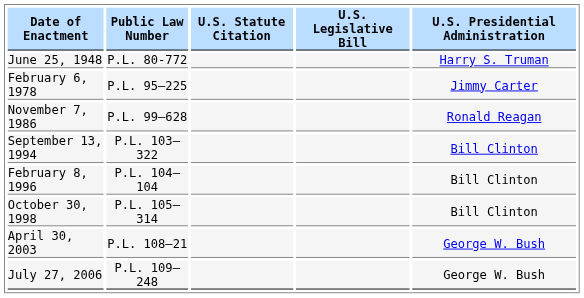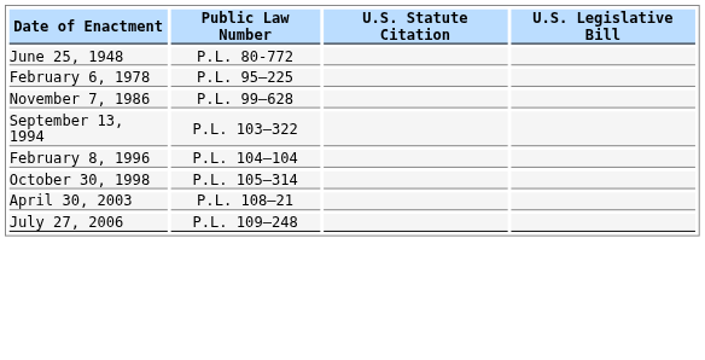 <table style="border:1px solid gray; align:left; width:70%" cellspacing=3 cellpadding=0>
 <tr style="font-weight:bold; text-align:center; background:#bbddff; color:black;">
 <th style=" border-bottom:1.5px solid black">Date of Enactment</th>
 <th style=" border-bottom:1.5px solid black">Public Law Number</th>
 <th style=" border-bottom:1.5px solid black">U.S. Statute Citation</th>
 <th style=" border-bottom:1.5px solid black">U.S. Legislative Bill</th>
-<th style=" border-bottom:1.5px solid black">U.S. Presidential Administration</th>
 </tr>
 <tr>
 <td style="border-bottom:1px solid gray; background:#F5F5F5;">June 25, 1948</td>
 <td style="border-bottom:1px solid gray; background:#F5F5F5; text-align:center;">P.L. 80-772</td>
 <td style="border-bottom:1px solid gray; background:#F5F5F5; text-align:center;"></td>
 <td style="border-bottom:1px solid gray; background:#F5F5F5; text-align:center;"></td>
-<td style="border-bottom:1px solid gray; background:#F5F5F5; text-align:center;"><a href='#'>Harry S. Truman</a></td>
 </tr>
 <tr>
 <td style="border-bottom:1px solid gray; background:#F5F5F5;">February 6, 1978</td>
 <td style="border-bottom:1px solid gray; background:#F5F5F5; text-align:center;">P.L. 95–225</td>
 <td style="border-bottom:1px solid gray; background:#F5F5F5; text-align:center;"></td>
 <td style="border-bottom:1px solid gray; background:#F5F5F5; text-align:center;"></td>
-<td style="border-bottom:1px solid gray; background:#F5F5F5; text-align:center;"><a href='#'>Jimmy Carter</a></td>
 </tr>
 <tr>
 <td style="border-bottom:1px solid gray; background:#F5F5F5;">November 7, 1986</td>
 <td style="border-bottom:1px solid gray; background:#F5F5F5; text-align:center;">P.L. 99–628</td>
 <td style="border-bottom:1px solid gray; background:#F5F5F5; text-align:center;"></td>
 <td style="border-bottom:1px solid gray; background:#F5F5F5; text-align:center;"></td>
-<td style="border-bottom:1px solid gray; background:#F5F5F5; text-align:center;"><a href='#'>Ronald Reagan</a></td>
 </tr>
 <tr>
 <td style="border-bottom:1px solid gray; background:#F5F5F5;">September 13, 1994</td>
 <td style="border-bottom:1px solid gray; background:#F5F5F5; text-align:center;">P.L. 103–322</td>
 <td style="border-bottom:1px solid gray; background:#F5F5F5; text-align:center;"></td>
 <td style="border-bottom:1px solid gray; background:#F5F5F5; text-align:center;"></td>
-<td style="border-bottom:1px solid gray; background:#F5F5F5; text-align:center;"><a href='#'>Bill Clinton</a></td>
 </tr>
 <tr>
 <td style="border-bottom:1px solid gray; background:#F5F5F5;">February 8, 1996</td>
 <td style="border-bottom:1px solid gray; background:#F5F5F5; text-align:center;">P.L. 104–104</td>
 <td style="border-bottom:1px solid gray; background:#F5F5F5; text-align:center;"></td>
 <td style="border-bottom:1px solid gray; background:#F5F5F5; text-align:center;"></td>
-<td style="border-bottom:1px solid gray; background:#F5F5F5; text-align:center;">Bill Clinton</td>
 </tr>
 <tr>
 <td style="border-bottom:1px solid gray; background:#F5F5F5;">October 30, 1998</td>
 <td style="border-bottom:1px solid gray; background:#F5F5F5; text-align:center;">P.L. 105–314</td>
 <td style="border-bottom:1px solid gray; background:#F5F5F5; text-align:center;"></td>
 <td style="border-bottom:1px solid gray; background:#F5F5F5; text-align:center;"></td>
-<td style="border-bottom:1px solid gray; background:#F5F5F5; text-align:center;">Bill Clinton</td>
 </tr>
 <tr>
 <td style="border-bottom:1px solid gray; background:#F5F5F5;">April 30, 2003</td>
 <td style="border-bottom:1px solid gray; background:#F5F5F5; text-align:center;">P.L. 108–21</td>
 <td style="border-bottom:1px solid gray; background:#F5F5F5; text-align:center;"></td>
 <td style="border-bottom:1px solid gray; background:#F5F5F5; text-align:center;"></td>
-<td style="border-bottom:1px solid gray; background:#F5F5F5; text-align:center;"><a href='#'>George W. Bush</a></td>
 </tr>
 <tr>
 <td style="border-bottom:1.5px solid black; background:#F5F5F5;">July 27, 2006</td>
 <td style="border-bottom:1.5px solid black; background:#F5F5F5; text-align:center;">P.L. 109–248</td>
 <td style="border-bottom:1.5px solid black; background:#F5F5F5; text-align:center;"></td>
 <td style="border-bottom:1.5px solid black; background:#F5F5F5; text-align:center;"></td>
-<td style="border-bottom:1.5px solid black; background:#F5F5F5; text-align:center;">George W. Bush</td>
 </tr>
 </table>
